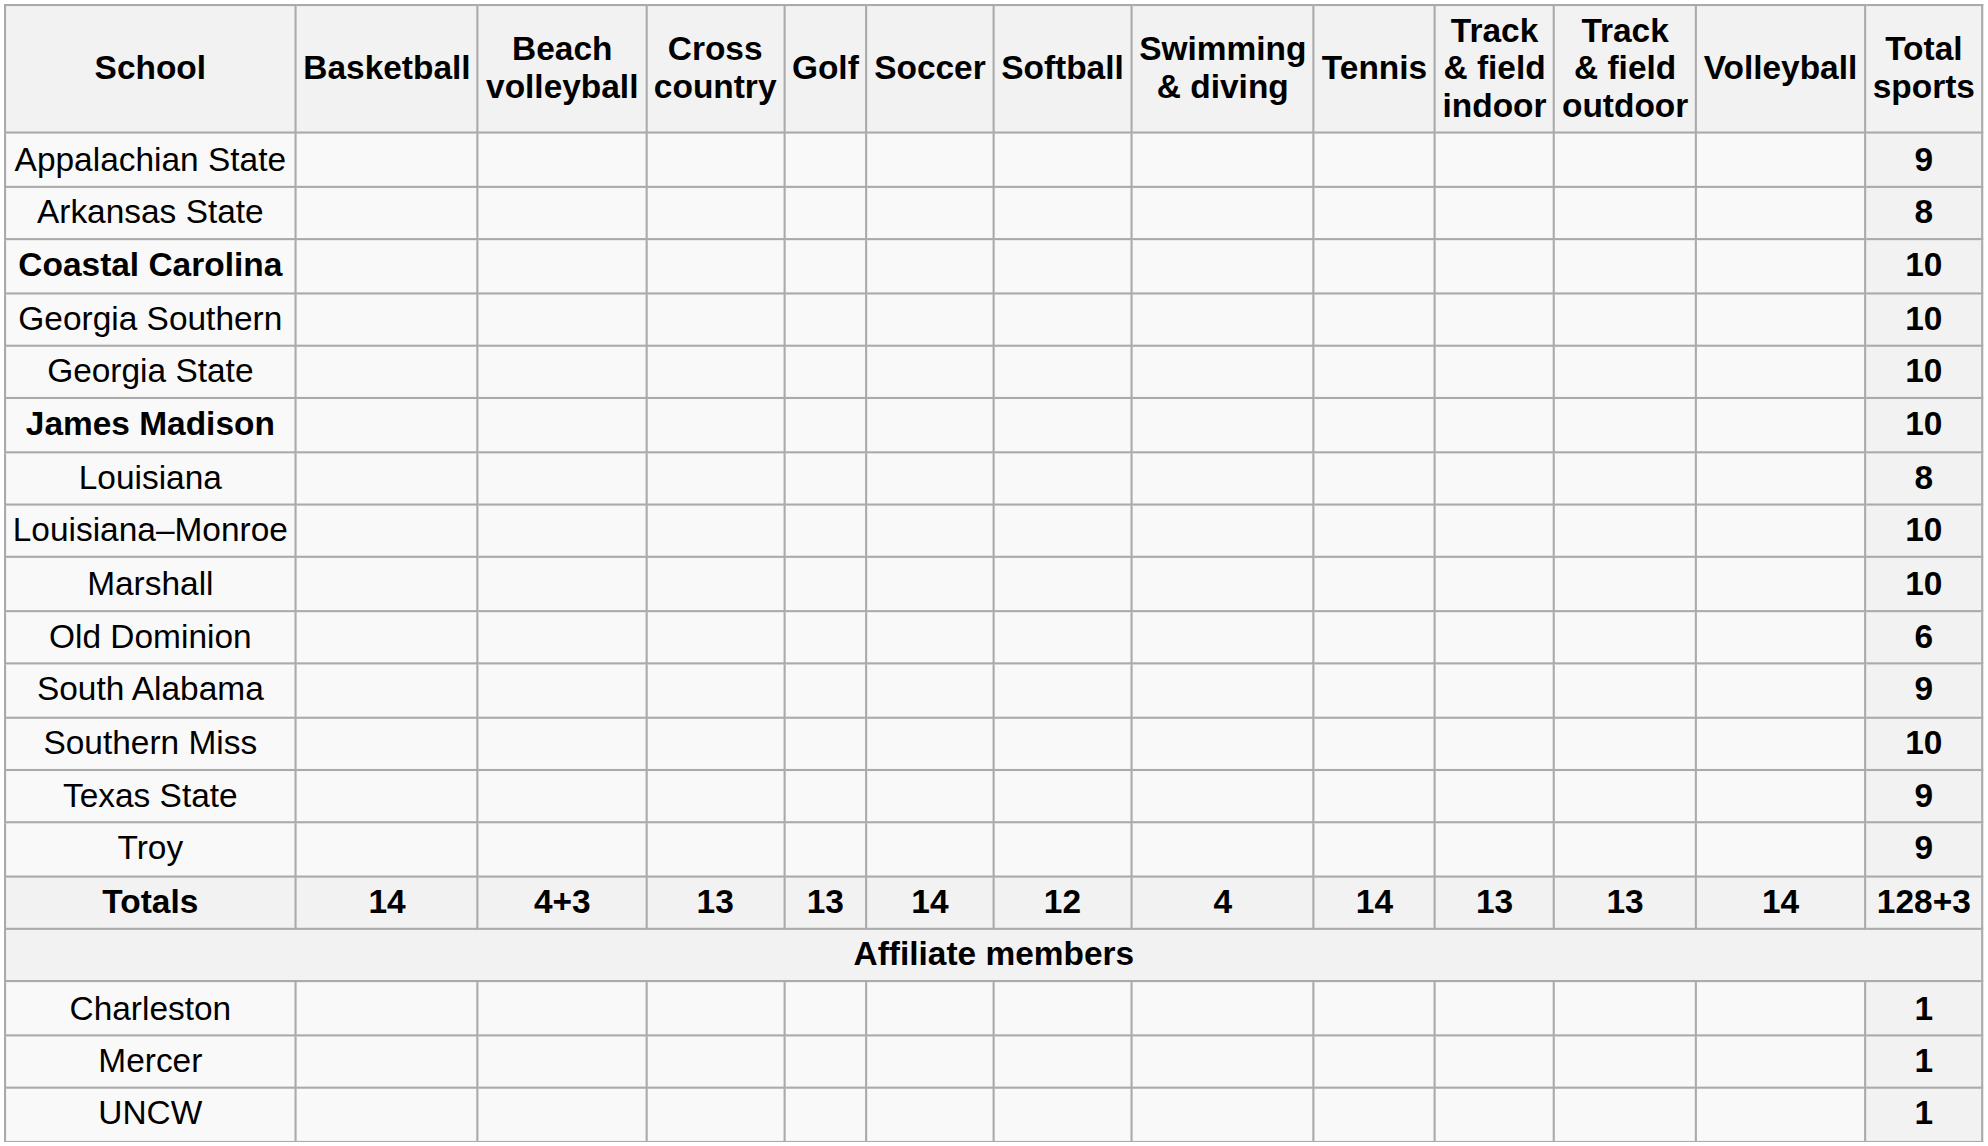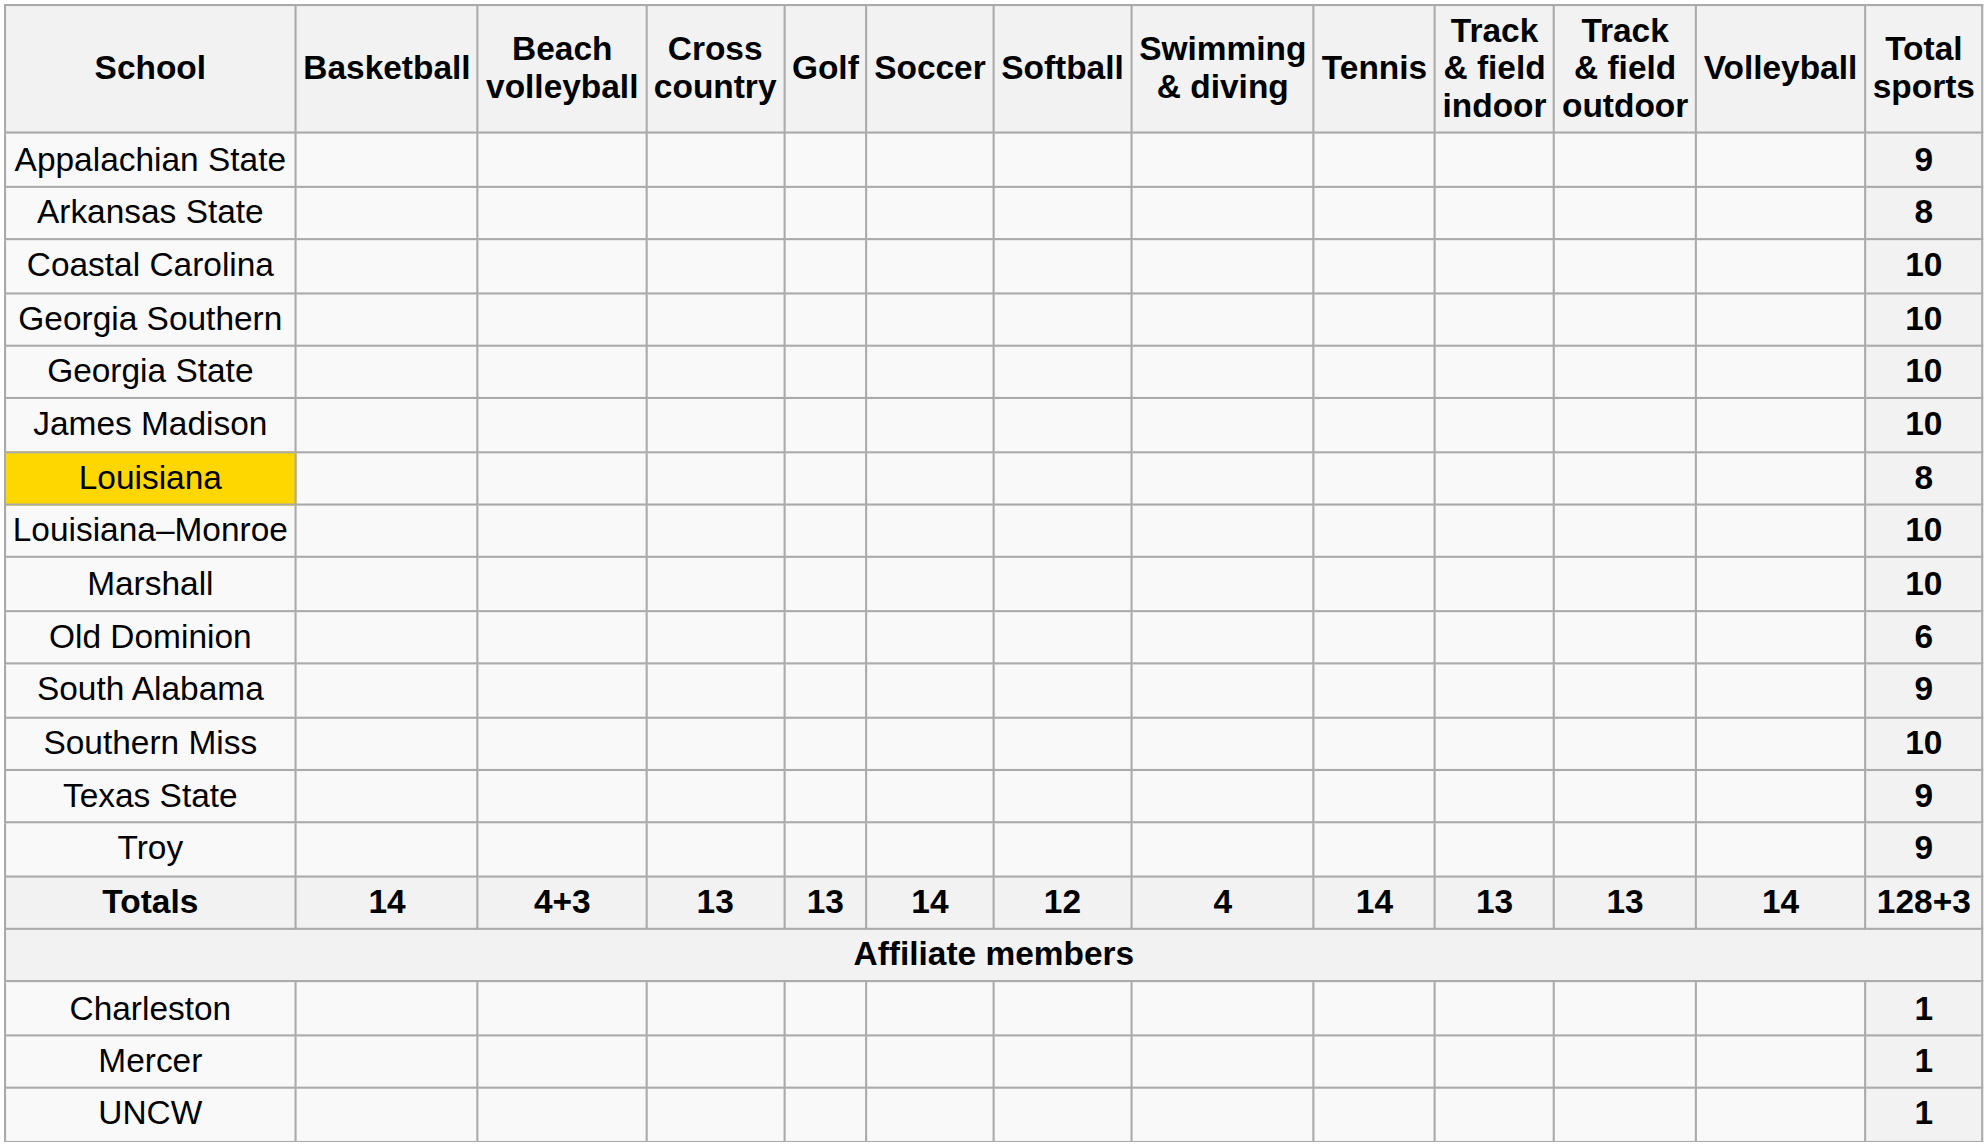 <table class="wikitable" style="text-align:center">
 <tr>
 <th>School</th>
 <th>Basketball</th>
 <th>Beach<br>volleyball</th>
 <th>Cross<br>country</th>
 <th>Golf</th>
 <th>Soccer</th>
 <th>Softball</th>
 <th>Swimming<br>& diving</th>
 <th>Tennis</th>
 <th>Track<br>& field<br>indoor</th>
 <th>Track<br>& field<br>outdoor</th>
 <th>Volleyball</th>
 <th>Total<br>sports</th>
 </tr>
 <tr>
 <td>Appalachian State</td>
 <td></td>
 <td></td>
 <td></td>
 <td></td>
 <td></td>
 <td></td>
 <td></td>
 <td></td>
 <td></td>
 <td></td>
 <td></td>
 <th>9</th>
 </tr>
 <tr>
 <td>Arkansas State</td>
 <td></td>
 <td></td>
 <td></td>
 <td></td>
 <td></td>
 <td></td>
 <td></td>
 <td></td>
 <td></td>
 <td></td>
 <td></td>
 <th>8</th>
 </tr>
 <tr>
-<td><strong>Coastal Carolina</strong></td>
+<td>Coastal Carolina</td>
 <td></td>
 <td></td>
 <td></td>
 <td></td>
 <td></td>
 <td></td>
 <td></td>
 <td></td>
 <td></td>
 <td></td>
 <td></td>
 <th>10</th>
 </tr>
 <tr>
 <td>Georgia Southern</td>
 <td></td>
 <td></td>
 <td></td>
 <td></td>
 <td></td>
 <td></td>
 <td></td>
 <td></td>
 <td></td>
 <td></td>
 <td></td>
 <th>10</th>
 </tr>
 <tr>
 <td>Georgia State</td>
 <td></td>
 <td></td>
 <td></td>
 <td></td>
 <td></td>
 <td></td>
 <td></td>
 <td></td>
 <td></td>
 <td></td>
 <td></td>
 <th>10</th>
 </tr>
 <tr>
-<td><strong>James Madison</strong></td>
+<td>James Madison</td>
 <td></td>
 <td></td>
 <td></td>
 <td></td>
 <td></td>
 <td></td>
 <td></td>
 <td></td>
 <td></td>
 <td></td>
 <td></td>
 <th>10</th>
 </tr>
 <tr>
-<td>Louisiana</td>
+<td style="background: gold;">Louisiana</td>
 <td></td>
 <td></td>
 <td></td>
 <td></td>
 <td></td>
 <td></td>
 <td></td>
 <td></td>
 <td></td>
 <td></td>
 <td></td>
 <th>8</th>
 </tr>
 <tr>
 <td>Louisiana–Monroe</td>
 <td></td>
 <td></td>
 <td></td>
 <td></td>
 <td></td>
 <td></td>
 <td></td>
 <td></td>
 <td></td>
 <td></td>
 <td></td>
 <th>10</th>
 </tr>
 <tr>
 <td>Marshall</td>
 <td></td>
 <td></td>
 <td></td>
 <td></td>
 <td></td>
 <td></td>
 <td></td>
 <td></td>
 <td></td>
 <td></td>
 <td></td>
 <th>10</th>
 </tr>
 <tr>
 <td>Old Dominion</td>
 <td></td>
 <td></td>
 <td></td>
 <td></td>
 <td></td>
 <td></td>
 <td></td>
 <td></td>
 <td></td>
 <td></td>
 <td></td>
 <th>6</th>
 </tr>
 <tr>
 <td>South Alabama</td>
 <td></td>
 <td></td>
 <td></td>
 <td></td>
 <td></td>
 <td></td>
 <td></td>
 <td></td>
 <td></td>
 <td></td>
 <td></td>
 <th>9</th>
 </tr>
 <tr>
 <td>Southern Miss</td>
 <td></td>
 <td></td>
 <td></td>
 <td></td>
 <td></td>
 <td></td>
 <td></td>
 <td></td>
 <td></td>
 <td></td>
 <td></td>
 <th>10</th>
 </tr>
 <tr>
 <td>Texas State</td>
 <td></td>
 <td></td>
 <td></td>
 <td></td>
 <td></td>
 <td></td>
 <td></td>
 <td></td>
 <td></td>
 <td></td>
 <td></td>
 <th>9</th>
 </tr>
 <tr>
 <td>Troy</td>
 <td></td>
 <td></td>
 <td></td>
 <td></td>
 <td></td>
 <td></td>
 <td></td>
 <td></td>
 <td></td>
 <td></td>
 <td></td>
 <th>9</th>
 </tr>
 <tr>
 <th>Totals</th>
 <th>14</th>
 <th>4+3</th>
 <th>13</th>
 <th>13</th>
 <th>14</th>
 <th>12</th>
 <th>4</th>
 <th>14</th>
 <th>13</th>
 <th>13</th>
 <th>14</th>
 <th>128+3</th>
 </tr>
 <tr>
 <th colspan=13>Affiliate members</th>
 </tr>
 <tr>
 <td>Charleston</td>
 <td></td>
 <td></td>
 <td></td>
 <td></td>
 <td></td>
 <td></td>
 <td></td>
 <td></td>
 <td></td>
 <td></td>
 <td></td>
 <th>1</th>
 </tr>
 <tr>
 <td>Mercer</td>
 <td></td>
 <td></td>
 <td></td>
 <td></td>
 <td></td>
 <td></td>
 <td></td>
 <td></td>
 <td></td>
 <td></td>
 <td></td>
 <th>1</th>
 </tr>
 <tr>
 <td> UNCW</td>
 <td></td>
 <td></td>
 <td></td>
 <td></td>
 <td></td>
 <td></td>
 <td></td>
 <td></td>
 <td></td>
 <td></td>
 <td></td>
 <th>1</th>
 </tr>
 <tr>
 </tr>
 </table>
